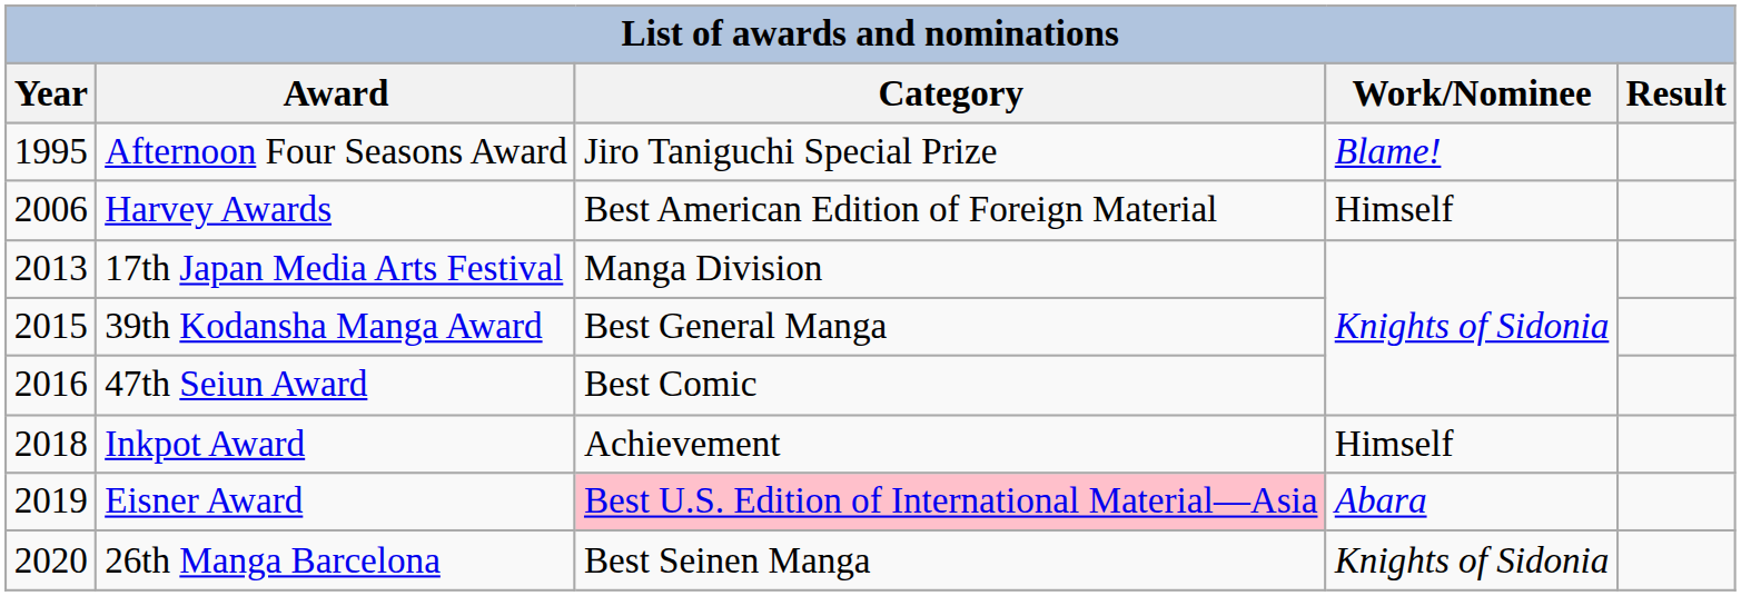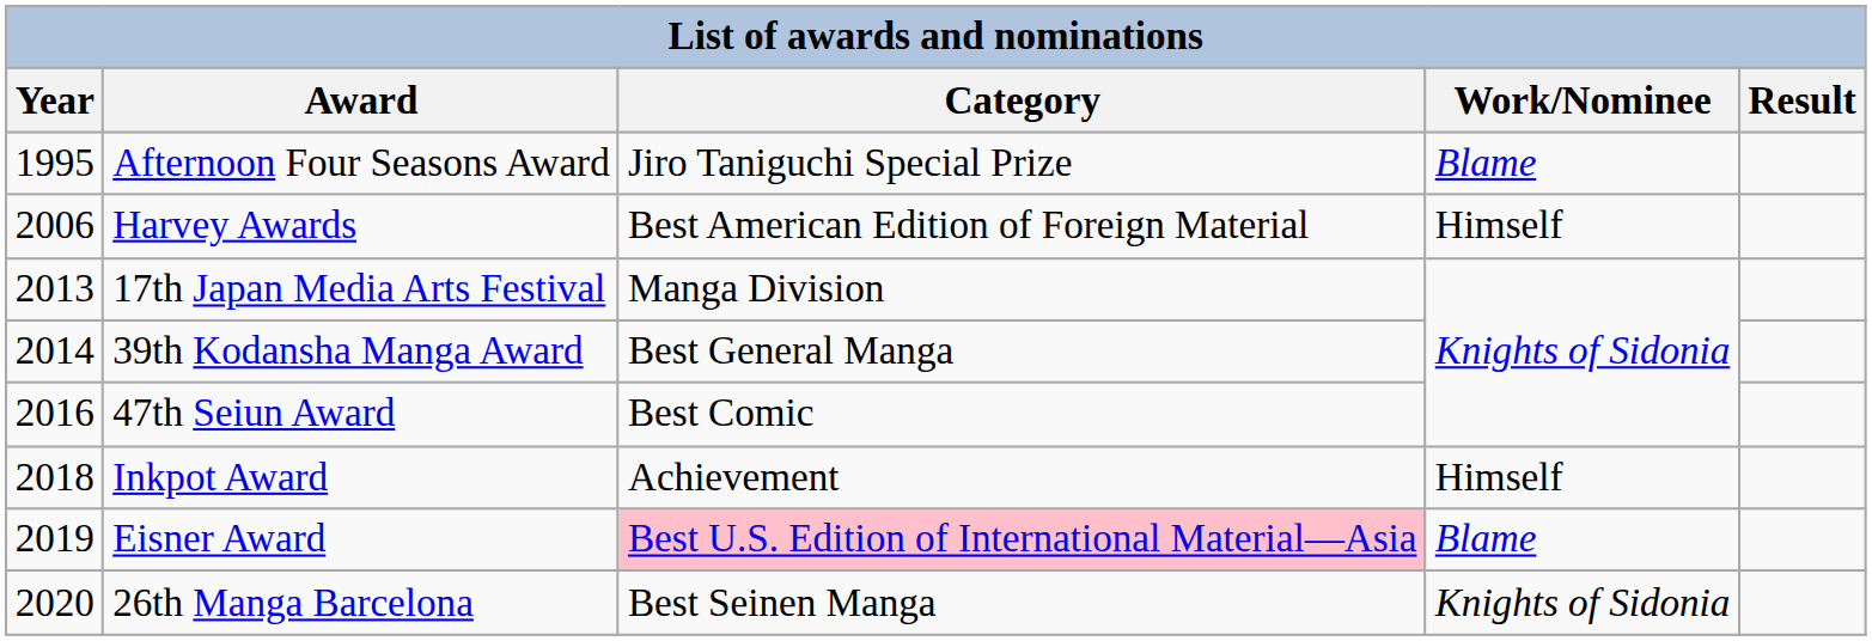 <table class="wikitable" style="width:">
 <tr style="background:#ccc; text-align:center;">
 <th colspan="8" style="background: LightSteelBlue;">List of awards and nominations</th>
 </tr>
 <tr style="background:#ccc; text-align:center;">
 <th>Year</th>
 <th>Award</th>
 <th>Category</th>
 <th>Work/Nominee</th>
 <th>Result</th>
 </tr>
 <tr>
 <td align="center">1995</td>
 <td><a href='#'>Afternoon</a> Four Seasons Award</td>
 <td>Jiro Taniguchi Special Prize</td>
-<td><em><a href='#'>Blame!</a></em></td>
+<td><em><a href='#'>Blame</a></em></td>
 <td></td>
 </tr>
 <tr>
 <td align="center">2006</td>
 <td><a href='#'>Harvey Awards</a></td>
 <td>Best American Edition of Foreign Material</td>
 <td>Himself</td>
 <td></td>
 </tr>
 <tr>
 <td align="center">2013</td>
 <td>17th <a href='#'>Japan Media Arts Festival</a></td>
 <td>Manga Division</td>
 <td rowspan="3"><em><a href='#'>Knights of Sidonia</a></em></td>
 <td></td>
 </tr>
 <tr>
-<td align="center">2015</td>
+<td align="center">2014</td>
 <td>39th <a href='#'>Kodansha Manga Award</a></td>
 <td>Best General Manga</td>
 <td></td>
 </tr>
 <tr>
 <td align="center">2016</td>
 <td>47th <a href='#'>Seiun Award</a></td>
 <td>Best Comic</td>
 <td></td>
 </tr>
 <tr>
 <td align="center">2018</td>
 <td><a href='#'>Inkpot Award</a></td>
 <td>Achievement</td>
 <td>Himself</td>
 <td></td>
 </tr>
 <tr>
 <td align="center">2019</td>
 <td><a href='#'>Eisner Award</a></td>
 <td style="background: pink;"><a href='#'>Best U.S. Edition of International Material—Asia</a></td>
-<td><em><a href='#'>Abara</a></em></td>
+<td><em><a href='#'>Blame</a></em></td>
 <td></td>
 </tr>
 <tr>
 <td align="center">2020</td>
 <td>26th <a href='#'>Manga Barcelona</a></td>
 <td>Best Seinen Manga</td>
 <td><em>Knights of Sidonia</em></td>
 <td></td>
 </tr>
 </table>
